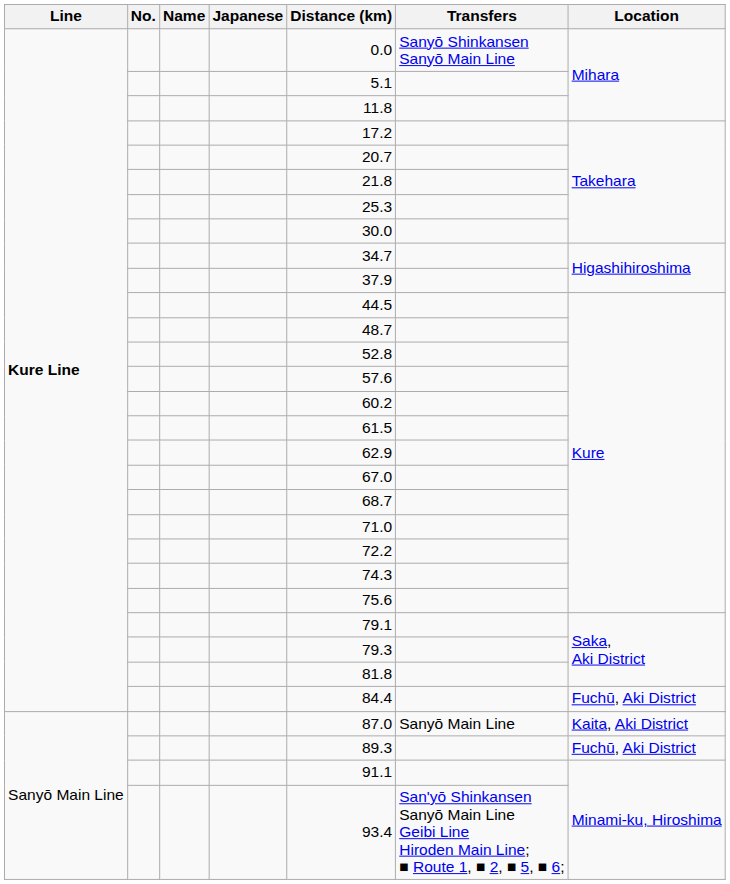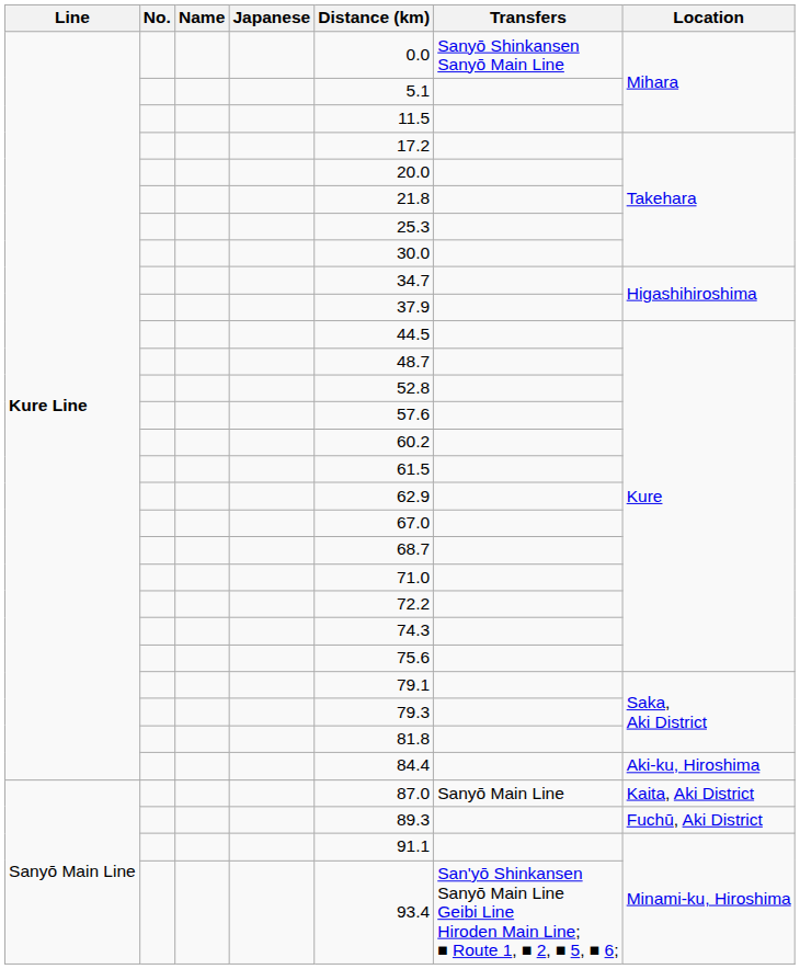 <table class="wikitable">
 <tr>
 <th>Line</th>
 <th>No.</th>
 <th>Name</th>
 <th>Japanese</th>
 <th>Distance (km)</th>
 <th>Transfers</th>
 <th>Location</th>
 </tr>
 <tr>
 <td rowspan="28"><strong>Kure Line</strong></td>
 <td></td>
 <td></td>
 <td></td>
 <td style="text-align: right;">0.0</td>
 <td> <a href='#'>Sanyō Shinkansen</a><br>  <a href='#'>Sanyō Main Line</a></td>
 <td rowspan="3"><a href='#'>Mihara</a></td>
 </tr>
 <tr>
 <td></td>
 <td></td>
 <td></td>
 <td style="text-align: right;">5.1</td>
 <td> </td>
 </tr>
 <tr>
 <td></td>
 <td></td>
 <td></td>
-<td style="text-align: right;">11.8</td>
+<td style="text-align: right;">11.5</td>
 <td> </td>
 </tr>
 <tr>
 <td></td>
 <td></td>
 <td></td>
 <td style="text-align: right;">17.2</td>
 <td> </td>
 <td rowspan="5"><a href='#'>Takehara</a></td>
 </tr>
 <tr>
 <td></td>
 <td></td>
 <td></td>
-<td style="text-align: right;">20.7</td>
+<td style="text-align: right;">20.0</td>
 <td> </td>
 </tr>
 <tr>
 <td></td>
 <td></td>
 <td></td>
 <td style="text-align: right;">21.8</td>
 <td> </td>
 </tr>
 <tr>
 <td></td>
 <td></td>
 <td></td>
 <td style="text-align: right;">25.3</td>
 <td> </td>
 </tr>
 <tr>
 <td></td>
 <td></td>
 <td></td>
 <td style="text-align: right;">30.0</td>
 <td> </td>
 </tr>
 <tr>
 <td></td>
 <td></td>
 <td></td>
 <td style="text-align: right;">34.7</td>
 <td> </td>
 <td rowspan="2"><a href='#'>Higashihiroshima</a></td>
 </tr>
 <tr>
 <td></td>
 <td></td>
 <td></td>
 <td style="text-align: right;">37.9</td>
 <td> </td>
 </tr>
 <tr>
 <td></td>
 <td></td>
 <td></td>
 <td style="text-align: right;">44.5</td>
 <td> </td>
 <td rowspan="13"><a href='#'>Kure</a></td>
 </tr>
 <tr>
 <td></td>
 <td></td>
 <td></td>
 <td style="text-align: right;">48.7</td>
 <td> </td>
 </tr>
 <tr>
 <td></td>
 <td></td>
 <td></td>
 <td style="text-align: right;">52.8</td>
 <td> </td>
 </tr>
 <tr>
 <td></td>
 <td></td>
 <td></td>
 <td style="text-align: right;">57.6</td>
 <td> </td>
 </tr>
 <tr>
 <td></td>
 <td></td>
 <td></td>
 <td style="text-align: right;">60.2</td>
 <td> </td>
 </tr>
 <tr>
 <td></td>
 <td></td>
 <td></td>
 <td style="text-align: right;">61.5</td>
 <td> </td>
 </tr>
 <tr>
 <td></td>
 <td></td>
 <td></td>
 <td style="text-align: right;">62.9</td>
 <td> </td>
 </tr>
 <tr>
 <td></td>
 <td></td>
 <td></td>
 <td style="text-align: right;">67.0</td>
 <td> </td>
 </tr>
 <tr>
 <td></td>
 <td></td>
 <td></td>
 <td style="text-align: right;">68.7</td>
 <td> </td>
 </tr>
 <tr>
 <td></td>
 <td></td>
 <td></td>
 <td style="text-align: right;">71.0</td>
 <td> </td>
 </tr>
 <tr>
 <td></td>
 <td></td>
 <td></td>
 <td style="text-align: right;">72.2</td>
 <td> </td>
 </tr>
 <tr>
 <td></td>
 <td></td>
 <td></td>
 <td style="text-align: right;">74.3</td>
 <td> </td>
 </tr>
 <tr>
 <td></td>
 <td></td>
 <td></td>
 <td style="text-align: right;">75.6</td>
 <td> </td>
 </tr>
 <tr>
 <td></td>
 <td></td>
 <td></td>
 <td style="text-align: right;">79.1</td>
 <td> </td>
 <td rowspan="3"><a href='#'>Saka</a>,<br><a href='#'>Aki District</a></td>
 </tr>
 <tr>
 <td></td>
 <td></td>
 <td></td>
 <td style="text-align: right;">79.3</td>
 <td> </td>
 </tr>
 <tr>
 <td></td>
 <td></td>
 <td></td>
 <td style="text-align: right;">81.8</td>
 <td> </td>
 </tr>
 <tr>
 <td></td>
 <td></td>
 <td></td>
 <td style="text-align: right;">84.4</td>
 <td> </td>
-<td><a href='#'>Fuchū</a>, <a href='#'>Aki District</a></td>
+<td><a href='#'>Aki-ku, Hiroshima</a></td>
 </tr>
 <tr>
 <td rowspan="2"></td>
 <td rowspan="2"></td>
 <td rowspan="2"></td>
 <td rowspan="2" style="text-align: right;">87.0</td>
 <td rowspan="2"> Sanyō Main Line</td>
 <td rowspan="2"><a href='#'>Kaita</a>, <a href='#'>Aki District</a></td>
 </tr>
 <tr>
 <td rowspan="4">Sanyō Main Line</td>
 </tr>
 <tr>
 <td></td>
 <td></td>
 <td></td>
 <td style="text-align: right;">89.3</td>
 <td></td>
 <td><a href='#'>Fuchū</a>, <a href='#'>Aki District</a></td>
 </tr>
 <tr>
 <td></td>
 <td></td>
 <td></td>
 <td style="text-align: right;">91.1</td>
 <td></td>
 <td rowspan="2"><a href='#'>Minami-ku, Hiroshima</a></td>
 </tr>
 <tr>
 <td></td>
 <td></td>
 <td></td>
 <td style="text-align: right;">93.4</td>
 <td> <a href='#'>San'yō Shinkansen</a><br> Sanyō Main Line<br> <a href='#'>Geibi Line</a><br><a href='#'>Hiroden Main Line</a>;<br><span>■</span> <a href='#'>Route 1</a>, <span>■</span> <a href='#'>2</a>, <span>■</span> <a href='#'>5</a>, <span>■</span> <a href='#'>6</a>;</td>
 </tr>
 </table>
